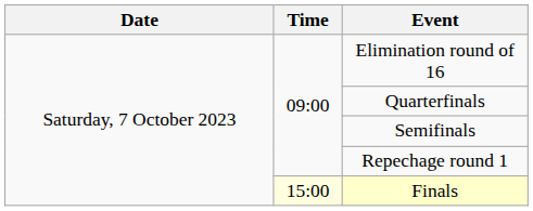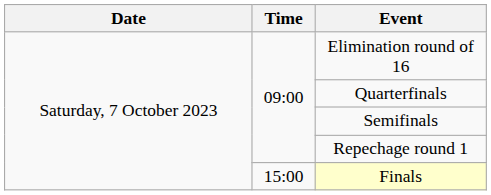 <table class = "wikitable" style="text-align:center;">
 <tr>
 <th width=220>Date</th>
 <th width=50>Time</th>
 <th width=150>Event</th>
 </tr>
 <tr>
 <td rowspan=5>Saturday, 7 October 2023</td>
 <td rowspan=4>09:00</td>
 <td>Elimination round of 16</td>
 </tr>
 <tr>
 <td>Quarterfinals</td>
 </tr>
 <tr>
 <td>Semifinals</td>
 </tr>
 <tr>
 <td>Repechage round 1</td>
 </tr>
 <tr>
-<td style="background: lightyellow;">15:00</td>
+<td>15:00</td>
 <td bgcolor=ffffcc>Finals</td>
 </tr>
 </table>
